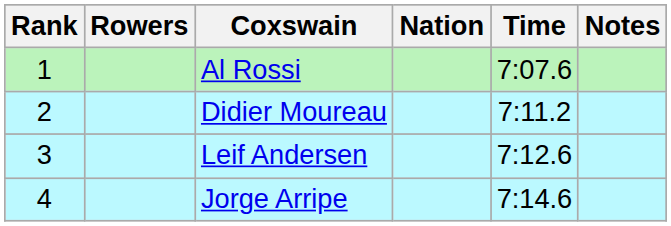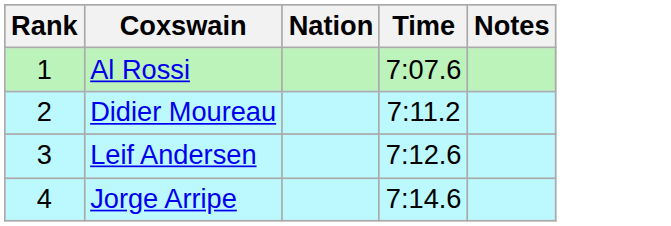 <table class="wikitable sortable" style="text-align:center">
 <tr>
 <th>Rank</th>
-<th>Rowers</th>
 <th>Coxswain</th>
 <th>Nation</th>
 <th>Time</th>
 <th>Notes</th>
 </tr>
 <tr bgcolor=bbf3bb>
 <td>1</td>
-<td align=left></td>
 <td align=left><a href='#'>Al Rossi</a></td>
 <td align=left></td>
 <td>7:07.6</td>
 <td></td>
 </tr>
 <tr bgcolor=bbf9ff>
 <td>2</td>
-<td align=left></td>
 <td align=left><a href='#'>Didier Moureau</a></td>
 <td align=left></td>
 <td>7:11.2</td>
 <td></td>
 </tr>
 <tr bgcolor=bbf9ff>
 <td>3</td>
-<td align=left></td>
 <td align=left><a href='#'>Leif Andersen</a></td>
 <td align=left></td>
 <td>7:12.6</td>
 <td></td>
 </tr>
 <tr bgcolor=bbf9ff>
 <td>4</td>
-<td align=left></td>
 <td align=left><a href='#'>Jorge Arripe</a></td>
 <td align=left></td>
 <td>7:14.6</td>
 <td></td>
 </tr>
 </table>
